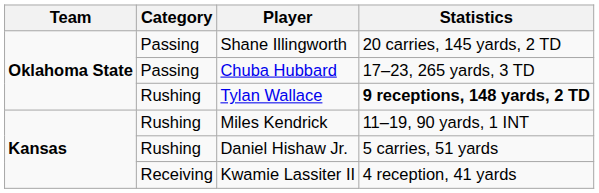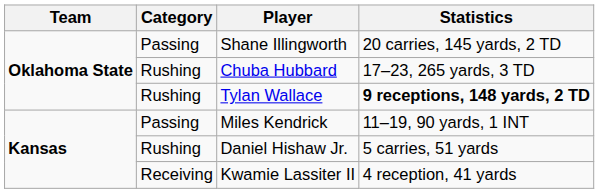 <table class="wikitable" style="float: left;">
 <tr>
 <th>Team</th>
 <th>Category</th>
 <th>Player</th>
 <th>Statistics</th>
 </tr>
 <tr>
 <td rowspan=3><strong>Oklahoma State</strong></td>
 <td>Passing</td>
 <td>Shane Illingworth</td>
 <td>20 carries, 145 yards, 2 TD</td>
 </tr>
 <tr>
-<td>Passing</td>
+<td>Rushing</td>
 <td><a href='#'>Chuba Hubbard</a></td>
 <td>17–23, 265 yards, 3 TD</td>
 </tr>
 <tr>
 <td>Rushing</td>
 <td><a href='#'>Tylan Wallace</a></td>
 <td><strong>9 receptions, 148 yards, 2 TD</strong></td>
 </tr>
 <tr>
 <td rowspan=3><strong>Kansas</strong></td>
-<td>Rushing</td>
+<td>Passing</td>
 <td>Miles Kendrick</td>
 <td>11–19, 90 yards, 1 INT</td>
 </tr>
 <tr>
 <td>Rushing</td>
 <td>Daniel Hishaw Jr.</td>
 <td>5 carries, 51 yards</td>
 </tr>
 <tr>
 <td>Receiving</td>
 <td>Kwamie Lassiter II</td>
 <td>4 reception, 41 yards</td>
 </tr>
 </table>
